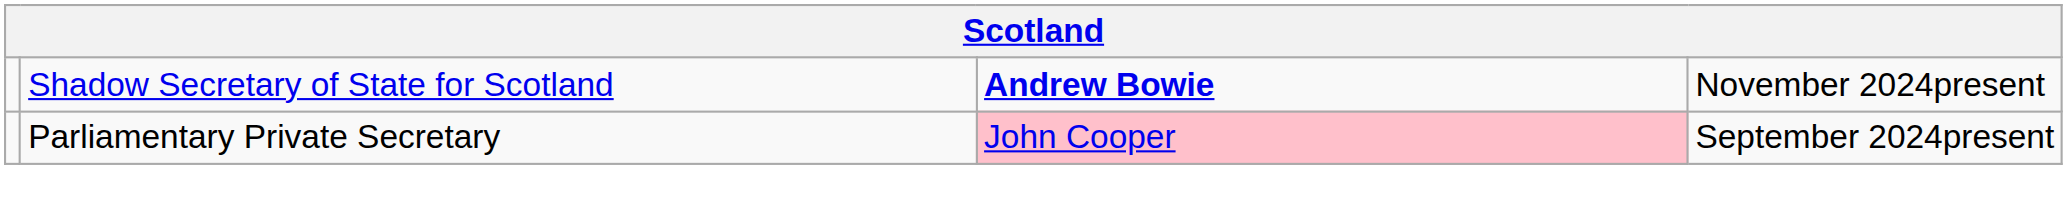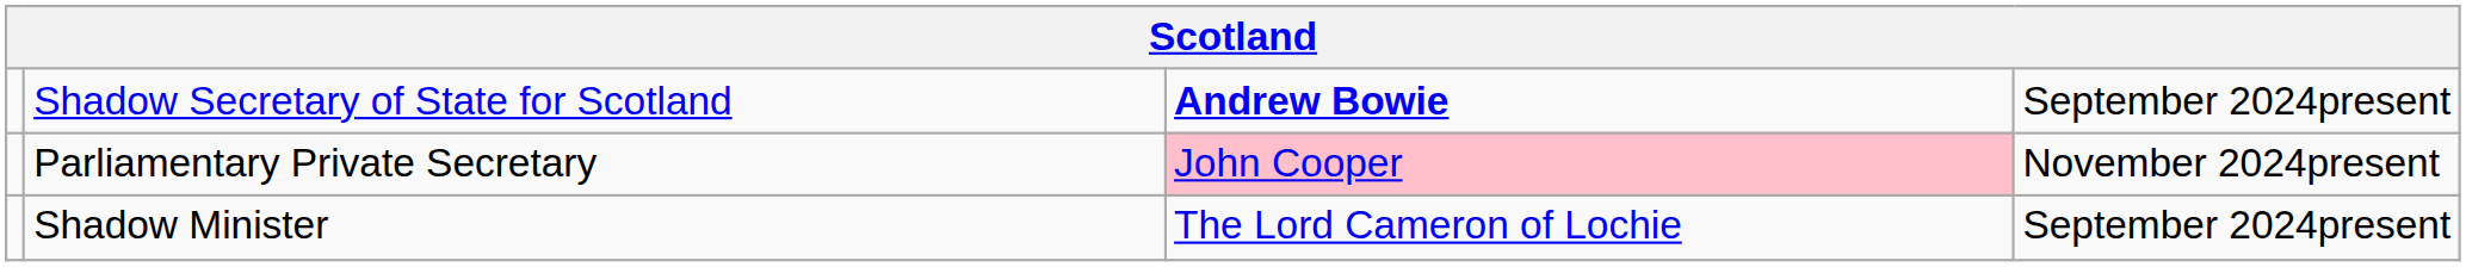 <table class="wikitable">
 <tr>
 <th colspan="4"><a href='#'>Scotland</a></th>
 </tr>
 <tr>
 <td style="background: "></td>
 <td style="width: 450px;"><a href='#'>Shadow Secretary of State for Scotland</a></td>
 <td style="width: 333px;"><a href='#'><strong>Andrew Bowie</strong></a></td>
-<td>November 2024present</td>
+<td>September 2024present</td>
 </tr>
 <tr>
 <td style="background: "></td>
 <td>Parliamentary Private Secretary</td>
 <td style="background: pink;"><a href='#'>John Cooper</a></td>
+<td>November 2024present</td>
+</tr>
+<tr>
+<td style="background: "></td>
+<td>Shadow Minister</td>
+<td><a href='#'>The Lord Cameron of Lochie</a></td>
 <td>September 2024present</td>
 </tr>
 </table>
